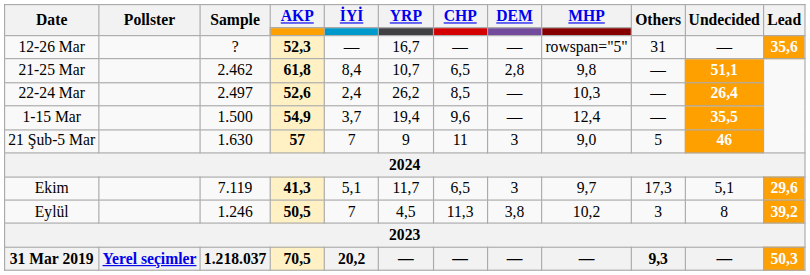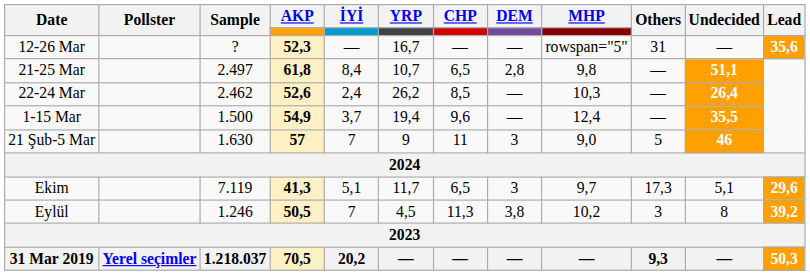 <table class="wikitable mw-collapsible" style="text-align:center; font-size:85%; line-height:14px;">
 <tr>
 <th rowspan="2">Date</th>
 <th rowspan="2">Pollster</th>
 <th rowspan="2">Sample</th>
 <th style="width:3em;"><a href='#'>AKP</a></th>
 <th style="width:3em;"><a href='#'>İYİ</a></th>
 <th style="width:3em;"><a href='#'>YRP</a></th>
 <th style="width:3em;"><a href='#'>CHP</a></th>
 <th style="width:3em;"><a href='#'>DEM</a></th>
 <th style="width:3em;"><a href='#'>MHP</a></th>
 <th rowspan="2">Others</th>
 <th rowspan="2" style="width:3em;">Undecided</th>
 <th rowspan="2">Lead</th>
 </tr>
 <tr>
 <th style="background:#fda000;"></th>
 <th style="background:#0099cc;"></th>
 <th style="background:#414042;"></th>
 <th style="background:#d40000;"></th>
 <th style="background:#734B9C;"></th>
 <th style="background:#870000;"></th>
 </tr>
 <tr>
 <td>12-26 Mar</td>
 <td></td>
 <td>?</td>
 <td style="background:#FFF1C4"><strong>52,3</strong></td>
 <td>—</td>
 <td>16,7</td>
 <td>—</td>
 <td>—</td>
 <td>rowspan="5" </td>
 <td>31</td>
 <td>—</td>
 <th style="background:#fda000; color:white;">35,6</th>
 </tr>
 <tr>
 <td>21-25 Mar</td>
 <td></td>
-<td>2.462</td>
+<td>2.497</td>
 <td style="background:#FFF1C4"><strong>61,8</strong></td>
 <td>8,4</td>
 <td>10,7</td>
 <td>6,5</td>
 <td>2,8</td>
 <td>9,8</td>
 <td>—</td>
 <th style="background:#fda000; color:white;">51,1</th>
 </tr>
 <tr>
 <td>22-24 Mar</td>
 <td></td>
-<td>2.497</td>
+<td>2.462</td>
 <td style="background:#FFF1C4"><strong>52,6</strong></td>
 <td>2,4</td>
 <td>26,2</td>
 <td>8,5</td>
 <td>—</td>
 <td>10,3</td>
 <td>—</td>
 <th style="background:#fda000; color:white;">26,4</th>
 </tr>
 <tr>
 <td>1-15 Mar</td>
 <td></td>
 <td>1.500</td>
 <td style="background:#FFF1C4"><strong>54,9</strong></td>
 <td>3,7</td>
 <td>19,4</td>
 <td>9,6</td>
 <td>—</td>
 <td>12,4</td>
 <td>—</td>
 <th style="background:#fda000; color:white;">35,5</th>
 </tr>
 <tr>
 <td>21 Şub-5 Mar</td>
 <td></td>
 <td>1.630</td>
 <td style="background:#FFF1C4"><strong>57</strong></td>
 <td>7</td>
 <td>9</td>
 <td>11</td>
 <td>3</td>
 <td>9,0</td>
 <td>5</td>
 <th style="background:#fda000; color:white;">46</th>
 </tr>
 <tr>
 <th colspan="12">2024</th>
 </tr>
 <tr>
 <td>Ekim</td>
 <td></td>
 <td>7.119</td>
 <td style="background:#FFF1C4"><strong>41,3</strong></td>
 <td>5,1</td>
 <td>11,7</td>
 <td>6,5</td>
 <td>3</td>
 <td>9,7</td>
 <td>17,3</td>
 <td>5,1</td>
 <th style="background:#fda000; color:white;">29,6</th>
 </tr>
 <tr>
 <td>Eylül</td>
 <td></td>
 <td>1.246</td>
 <td style="background:#FFF1C4"><strong>50,5</strong></td>
 <td>7</td>
 <td>4,5</td>
 <td>11,3</td>
 <td>3,8</td>
 <td>10,2</td>
 <td>3</td>
 <td>8</td>
 <th style="background:#fda000; color:white;">39,2</th>
 </tr>
 <tr>
 <th colspan="12">2023</th>
 </tr>
 <tr>
 <th>31 Mar 2019</th>
 <th><a href='#'>Yerel seçimler</a></th>
 <th><strong>1.218.037</strong></th>
 <td style="background:#FFF1C4"><strong>70,5</strong></td>
 <th>20,2</th>
 <th>—</th>
 <th>—</th>
 <th>—</th>
 <th>—</th>
 <th>9,3</th>
 <th>—</th>
 <th style="background:#fda000; color:white;">50,3</th>
 </tr>
 </table>
